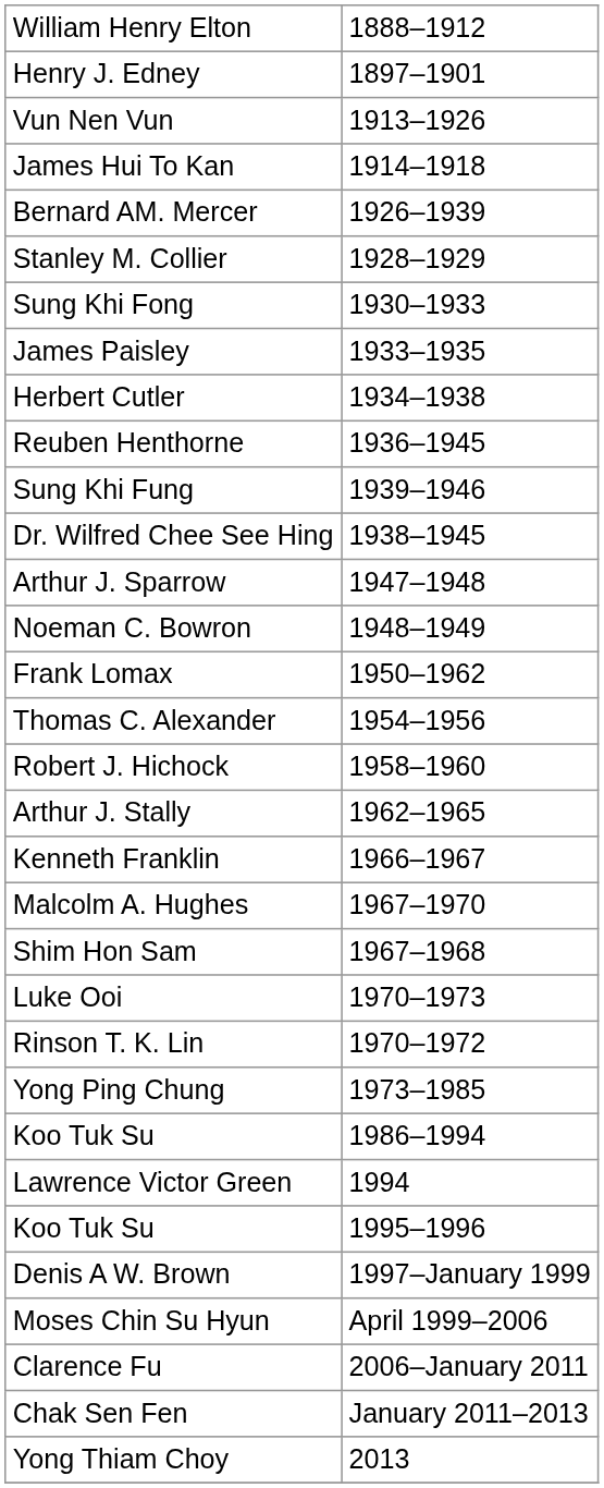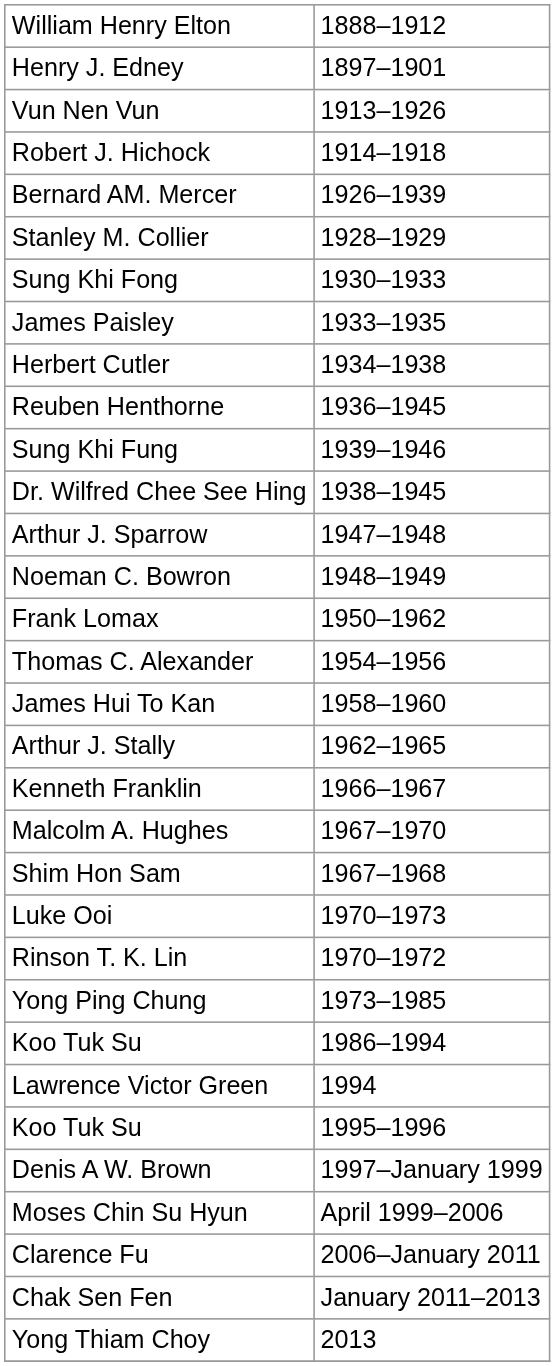 <table class="hintergrundfarbe1 rahmenfarbe1" cellpadding="4" rules="all" style="border:1px solid #999; border-collapse:collapse; margin:1em 0">
 <tr>
 <td>William Henry Elton</td>
 <td>1888–1912</td>
 </tr>
 <tr>
 <td>Henry J. Edney</td>
 <td>1897–1901</td>
 </tr>
 <tr>
 <td>Vun Nen Vun</td>
 <td>1913–1926</td>
 </tr>
 <tr>
-<td>James Hui To Kan</td>
+<td>Robert J. Hichock</td>
 <td>1914–1918</td>
 </tr>
 <tr>
 <td>Bernard AM. Mercer</td>
 <td>1926–1939</td>
 </tr>
 <tr>
 <td>Stanley M. Collier</td>
 <td>1928–1929</td>
 </tr>
 <tr>
 <td>Sung Khi Fong</td>
 <td>1930–1933</td>
 </tr>
 <tr>
 <td>James Paisley</td>
 <td>1933–1935</td>
 </tr>
 <tr>
 <td>Herbert Cutler</td>
 <td>1934–1938</td>
 </tr>
 <tr>
 <td>Reuben Henthorne</td>
 <td>1936–1945</td>
 </tr>
 <tr>
 <td>Sung Khi Fung</td>
 <td>1939–1946</td>
 </tr>
 <tr>
 <td>Dr. Wilfred Chee See Hing</td>
 <td>1938–1945</td>
 </tr>
 <tr>
 <td>Arthur J. Sparrow</td>
 <td>1947–1948</td>
 </tr>
 <tr>
 <td>Noeman C. Bowron</td>
 <td>1948–1949</td>
 </tr>
 <tr>
 <td>Frank Lomax</td>
 <td>1950–1962</td>
 </tr>
 <tr>
 <td>Thomas C. Alexander</td>
 <td>1954–1956</td>
 </tr>
 <tr>
-<td>Robert J. Hichock</td>
+<td>James Hui To Kan</td>
 <td>1958–1960</td>
 </tr>
 <tr>
 <td>Arthur J. Stally</td>
 <td>1962–1965</td>
 </tr>
 <tr>
 <td>Kenneth Franklin</td>
 <td>1966–1967</td>
 </tr>
 <tr>
 <td>Malcolm A. Hughes</td>
 <td>1967–1970</td>
 </tr>
 <tr>
 <td>Shim Hon Sam</td>
 <td>1967–1968</td>
 </tr>
 <tr>
 <td>Luke Ooi</td>
 <td>1970–1973</td>
 </tr>
 <tr>
 <td>Rinson T. K. Lin</td>
 <td>1970–1972</td>
 </tr>
 <tr>
 <td>Yong Ping Chung</td>
 <td>1973–1985</td>
 </tr>
 <tr>
 <td>Koo Tuk Su</td>
 <td>1986–1994</td>
 </tr>
 <tr>
 <td>Lawrence Victor Green</td>
 <td>1994</td>
 </tr>
 <tr>
 <td>Koo Tuk Su</td>
 <td>1995–1996</td>
 </tr>
 <tr>
 <td>Denis A W. Brown</td>
 <td>1997–January 1999</td>
 </tr>
 <tr>
 <td>Moses Chin Su Hyun</td>
 <td>April 1999–2006</td>
 </tr>
 <tr>
 <td>Clarence Fu</td>
 <td>2006–January 2011</td>
 </tr>
 <tr>
 <td>Chak Sen Fen</td>
 <td>January 2011–2013</td>
 </tr>
 <tr>
 <td>Yong Thiam Choy</td>
 <td>2013</td>
 </tr>
 <tr>
 </tr>
 </table>
